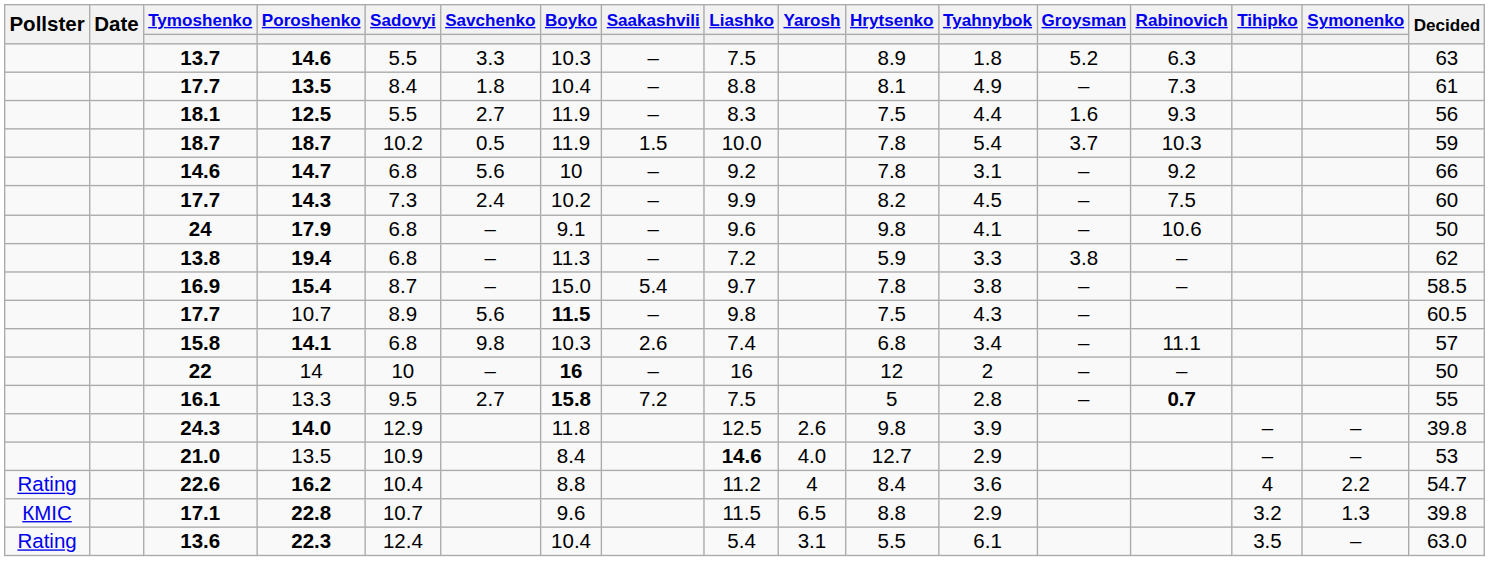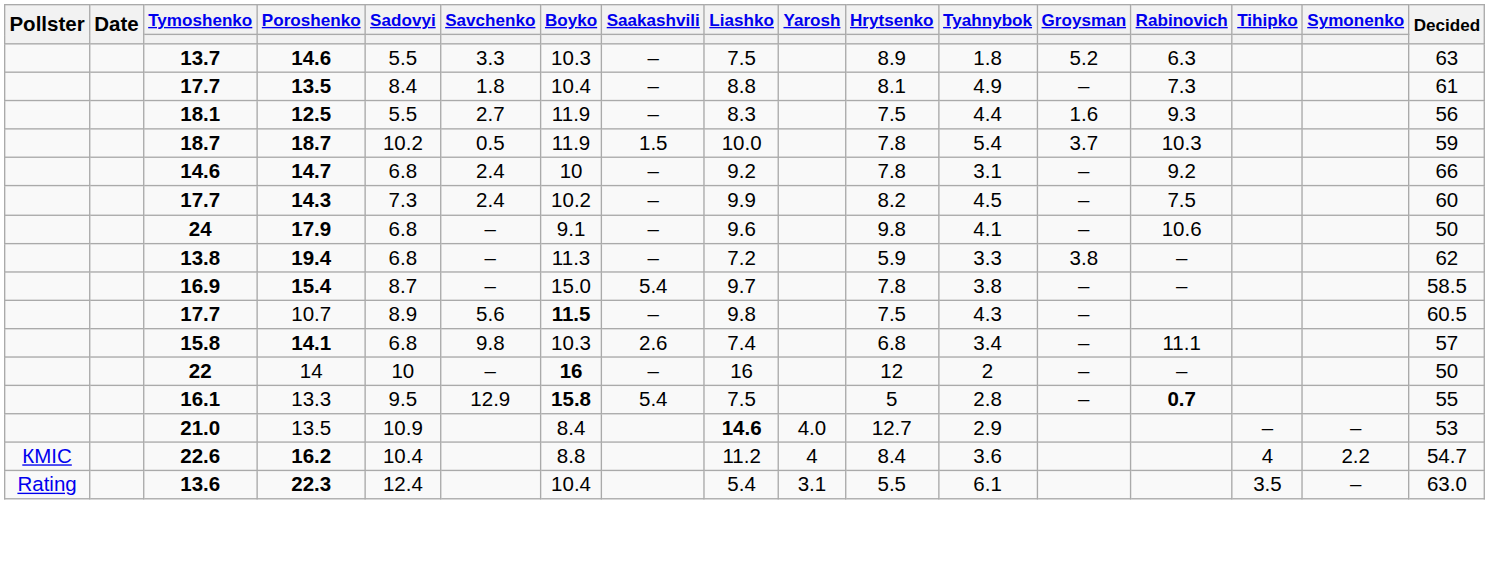 <table class="wikitable" style="text-align:center;font-size:95%;line-height:14px;">
 <tr>
 <th rowspan="2">Pollster</th>
 <th rowspan="2">Date</th>
 <th><small><a href='#'>Tymoshenko</a></small></th>
 <th> <small><a href='#'>Poroshenko</a></small></th>
 <th><small><a href='#'>Sadovyi</a></small></th>
 <th><small><a href='#'>Savchenko</a></small></th>
 <th><small><a href='#'>Boyko</a></small></th>
 <th><small><a href='#'>Saakashvili</a></small></th>
 <th><small><a href='#'>Liashko</a></small></th>
 <th><small><a href='#'>Yarosh</a></small></th>
 <th><small><a href='#'>Hrytsenko</a></small></th>
 <th><small><a href='#'>Tyahnybok</a></small></th>
 <th><small><a href='#'>Groysman</a></small></th>
 <th><small><a href='#'>Rabinovich</a></small></th>
 <th><small><a href='#'>Tihipko</a></small></th>
 <th><small><a href='#'>Symonenko</a></small></th>
 <th rowspan="2"><small>Decided</small></th>
 </tr>
 <tr>
 <th style="background:"></th>
 <th style="background:"></th>
 <th style="background:"></th>
 <th style="background:"></th>
 <th style="background:"></th>
 <th style="background:"></th>
 <th style="background:"></th>
 <th style="background:"></th>
 <th style="background:"></th>
 <th style="background:"></th>
 <th style="background:"></th>
 <th style="background:"></th>
 <th style="background:"></th>
 <th style="background:"></th>
 </tr>
 <tr>
 <td> </td>
 <td></td>
 <td style="background-color:#"><strong>13.7</strong></td>
 <td style="background-color:#"><strong>14.6</strong></td>
 <td>5.5</td>
 <td>3.3</td>
 <td>10.3</td>
 <td>–</td>
 <td>7.5</td>
 <td></td>
 <td>8.9</td>
 <td>1.8</td>
 <td>5.2</td>
 <td>6.3</td>
 <td></td>
 <td></td>
 <td>63</td>
 </tr>
 <tr>
 <td></td>
 <td></td>
 <td style="background-color:#"><strong>17.7</strong></td>
 <td style="background-color:#"><strong>13.5</strong></td>
 <td>8.4</td>
 <td>1.8</td>
 <td>10.4</td>
 <td>–</td>
 <td>8.8</td>
 <td></td>
 <td>8.1</td>
 <td>4.9</td>
 <td>–</td>
 <td>7.3</td>
 <td></td>
 <td></td>
 <td>61</td>
 </tr>
 <tr>
 <td></td>
 <td></td>
 <td style="background-color:#"><strong>18.1</strong></td>
 <td style="background-color:#"><strong>12.5</strong></td>
 <td>5.5</td>
 <td>2.7</td>
 <td>11.9</td>
 <td>–</td>
 <td>8.3</td>
 <td></td>
 <td>7.5</td>
 <td>4.4</td>
 <td>1.6</td>
 <td>9.3</td>
 <td></td>
 <td></td>
 <td>56</td>
 </tr>
 <tr>
 <td></td>
 <td></td>
 <td style="background-color:#"><strong>18.7</strong></td>
 <td style="background-color:#"><strong>18.7</strong></td>
 <td>10.2</td>
 <td>0.5</td>
 <td>11.9</td>
 <td>1.5</td>
 <td>10.0</td>
 <td></td>
 <td>7.8</td>
 <td>5.4</td>
 <td>3.7</td>
 <td>10.3</td>
 <td></td>
 <td></td>
 <td>59</td>
 </tr>
 <tr>
 <td></td>
 <td></td>
 <td style="background-color:#"><strong>14.6</strong></td>
 <td style="background-color:#"><strong>14.7</strong></td>
 <td>6.8</td>
-<td>5.6</td>
+<td>2.4</td>
 <td>10</td>
 <td>–</td>
 <td>9.2</td>
 <td></td>
 <td>7.8</td>
 <td>3.1</td>
 <td>–</td>
 <td>9.2</td>
 <td></td>
 <td></td>
 <td>66</td>
 </tr>
 <tr>
 <td></td>
 <td></td>
 <td style="background-color:#"><strong>17.7</strong></td>
 <td style="background-color:#"><strong>14.3</strong></td>
 <td>7.3</td>
 <td>2.4</td>
 <td>10.2</td>
 <td>–</td>
 <td>9.9</td>
 <td></td>
 <td>8.2</td>
 <td>4.5</td>
 <td>–</td>
 <td>7.5</td>
 <td></td>
 <td></td>
 <td>60</td>
 </tr>
 <tr>
 <td></td>
 <td></td>
 <td style="background-color:#"><strong>24</strong></td>
 <td style="background-color:#"><strong>17.9</strong></td>
 <td>6.8</td>
 <td>–</td>
 <td>9.1</td>
 <td>–</td>
 <td>9.6</td>
 <td></td>
 <td>9.8</td>
 <td>4.1</td>
 <td>–</td>
 <td>10.6</td>
 <td></td>
 <td></td>
 <td>50</td>
 </tr>
 <tr>
 <td></td>
 <td></td>
 <td style="background-color:#"><strong>13.8</strong></td>
 <td style="background-color:#"><strong>19.4</strong></td>
 <td>6.8</td>
 <td>–</td>
 <td>11.3</td>
 <td>–</td>
 <td>7.2</td>
 <td></td>
 <td>5.9</td>
 <td>3.3</td>
 <td>3.8</td>
 <td>–</td>
 <td></td>
 <td></td>
 <td>62</td>
 </tr>
 <tr>
 <td></td>
 <td></td>
 <td style="background-color:#"><strong>16.9</strong></td>
 <td style="background-color:#"><strong>15.4</strong></td>
 <td>8.7</td>
 <td>–</td>
 <td>15.0</td>
 <td>5.4</td>
 <td>9.7</td>
 <td></td>
 <td>7.8</td>
 <td>3.8</td>
 <td>–</td>
 <td>–</td>
 <td></td>
 <td></td>
 <td>58.5</td>
 </tr>
 <tr>
 <td></td>
 <td></td>
 <td style="background-color:#"><strong>17.7</strong></td>
 <td>10.7</td>
 <td>8.9</td>
 <td>5.6</td>
 <td style="background-color:#"><strong>11.5</strong></td>
 <td>–</td>
 <td>9.8</td>
 <td></td>
 <td>7.5</td>
 <td>4.3</td>
 <td>–</td>
 <td></td>
 <td></td>
 <td></td>
 <td>60.5</td>
 </tr>
 <tr>
 <td></td>
 <td></td>
 <td style="background-color:#"><strong>15.8</strong></td>
 <td style="background-color:#"><strong>14.1</strong></td>
 <td>6.8</td>
 <td>9.8</td>
 <td>10.3</td>
 <td>2.6</td>
 <td>7.4</td>
 <td></td>
 <td>6.8</td>
 <td>3.4</td>
 <td>–</td>
 <td>11.1</td>
 <td></td>
 <td></td>
 <td>57</td>
 </tr>
 <tr>
 <td></td>
 <td></td>
 <td style="background-color:#"><strong>22</strong></td>
 <td>14</td>
 <td>10</td>
 <td>–</td>
 <td style="background-color:#"><strong>16</strong></td>
 <td>–</td>
 <td>16</td>
 <td></td>
 <td>12</td>
 <td>2</td>
 <td>–</td>
 <td>–</td>
 <td></td>
 <td></td>
 <td>50</td>
 </tr>
 <tr>
 <td></td>
 <td></td>
 <td style="background-color:#"><strong>16.1</strong></td>
 <td>13.3</td>
 <td>9.5</td>
-<td>2.7</td>
+<td>12.9</td>
 <td style="background-color:#"><strong>15.8</strong></td>
-<td>7.2</td>
+<td>5.4</td>
 <td>7.5</td>
 <td></td>
 <td>5</td>
 <td>2.8</td>
 <td>–</td>
 <td><strong>0.7</strong></td>
 <td></td>
 <td></td>
 <td>55</td>
-</tr>
-<tr>
-<td></td>
-<td></td>
-<td style="background-color:#"><strong>24.3</strong></td>
-<td style="background-color:#"><strong>14.0</strong></td>
-<td>12.9</td>
-<td></td>
-<td>11.8</td>
-<td></td>
-<td>12.5</td>
-<td>2.6</td>
-<td>9.8</td>
-<td>3.9</td>
-<td></td>
-<td></td>
-<td>–</td>
-<td>–</td>
-<td>39.8</td>
 </tr>
 <tr>
 <td></td>
 <td></td>
 <td style="background-color:#"><strong>21.0</strong></td>
 <td>13.5</td>
 <td>10.9</td>
 <td></td>
 <td>8.4</td>
 <td></td>
 <td style="background-color:#"><strong>14.6</strong></td>
 <td>4.0</td>
 <td>12.7</td>
 <td>2.9</td>
 <td></td>
 <td></td>
 <td>–</td>
 <td>–</td>
 <td>53</td>
 </tr>
 <tr>
-<td><a href='#'>Rating</a></td>
+<td><a href='#'>КМІС</a></td>
 <td></td>
 <td style="background-color:#"><strong>22.6</strong></td>
 <td><strong>16.2</strong></td>
 <td>10.4</td>
 <td></td>
 <td>8.8</td>
 <td></td>
 <td>11.2</td>
 <td>4</td>
 <td>8.4</td>
 <td>3.6</td>
 <td></td>
 <td></td>
 <td>4</td>
 <td>2.2</td>
 <td>54.7</td>
-</tr>
-<tr>
-<td><a href='#'>КМІС</a></td>
-<td></td>
-<td style="background-color:#"><strong>17.1</strong></td>
-<td style="background-color:#"><strong>22.8</strong></td>
-<td>10.7</td>
-<td></td>
-<td>9.6</td>
-<td></td>
-<td>11.5</td>
-<td>6.5</td>
-<td>8.8</td>
-<td>2.9</td>
-<td></td>
-<td></td>
-<td>3.2</td>
-<td>1.3</td>
-<td>39.8</td>
 </tr>
 <tr>
 <td><a href='#'>Rating</a></td>
 <td></td>
 <td style="background-color:#"><strong>13.6</strong></td>
 <td style="background-color:#"><strong>22.3</strong></td>
 <td>12.4</td>
 <td></td>
 <td>10.4</td>
 <td></td>
 <td>5.4</td>
 <td>3.1</td>
 <td>5.5</td>
 <td>6.1</td>
 <td></td>
 <td></td>
 <td>3.5</td>
 <td>–</td>
 <td>63.0</td>
 </tr>
 </table>
